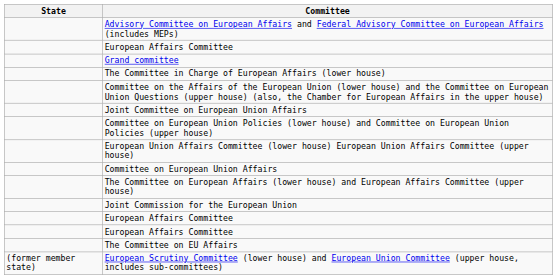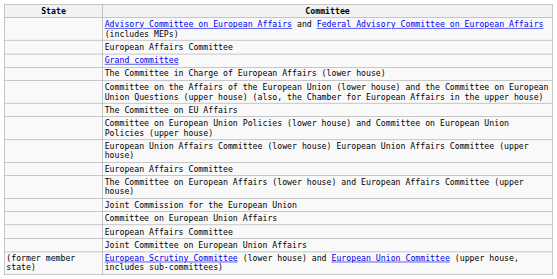 <table class="wikitable">
 <tr>
 <th width=150px>State</th>
 <th>Committee</th>
 </tr>
 <tr>
 <td></td>
 <td><a href='#'>Advisory Committee on European Affairs</a> and <a href='#'>Federal Advisory Committee on European Affairs</a> (includes MEPs)</td>
 </tr>
 <tr>
 <td></td>
 <td>European Affairs Committee</td>
 </tr>
 <tr>
 <td></td>
 <td><a href='#'>Grand committee</a></td>
 </tr>
 <tr>
 <td></td>
 <td>The Committee in Charge of European Affairs (lower house)</td>
 </tr>
 <tr>
 <td></td>
 <td>Committee on the Affairs of the European Union (lower house) and the Committee on European Union Questions (upper house) (also, the Chamber for European Affairs in the upper house)</td>
 </tr>
 <tr>
 <td></td>
-<td>Joint Committee on European Union Affairs </td>
+<td>The Committee on EU Affairs</td>
 </tr>
 <tr>
 <td></td>
 <td>Committee on European Union Policies (lower house) and Committee on European Union Policies (upper house)</td>
 </tr>
 <tr>
 <td></td>
 <td>European Union Affairs Committee (lower house) European Union Affairs Committee (upper house)</td>
 </tr>
 <tr>
 <td></td>
-<td>Committee on European Union Affairs</td>
+<td>European Affairs Committee</td>
 </tr>
 <tr>
 <td></td>
 <td>The Committee on European Affairs (lower house) and European Affairs Committee (upper house)</td>
 </tr>
 <tr>
 <td></td>
 <td>Joint Commission for the European Union</td>
 </tr>
 <tr>
 <td></td>
-<td>European Affairs Committee</td>
+<td>Committee on European Union Affairs</td>
 </tr>
 <tr>
 <td></td>
 <td>European Affairs Committee </td>
 </tr>
 <tr>
 <td></td>
-<td>The Committee on EU Affairs</td>
+<td>Joint Committee on European Union Affairs </td>
 </tr>
 <tr>
 <td> (former member state)</td>
 <td><a href='#'>European Scrutiny Committee</a> (lower house) and <a href='#'>European Union Committee</a> (upper house, includes sub-committees)</td>
 </tr>
 </table>
